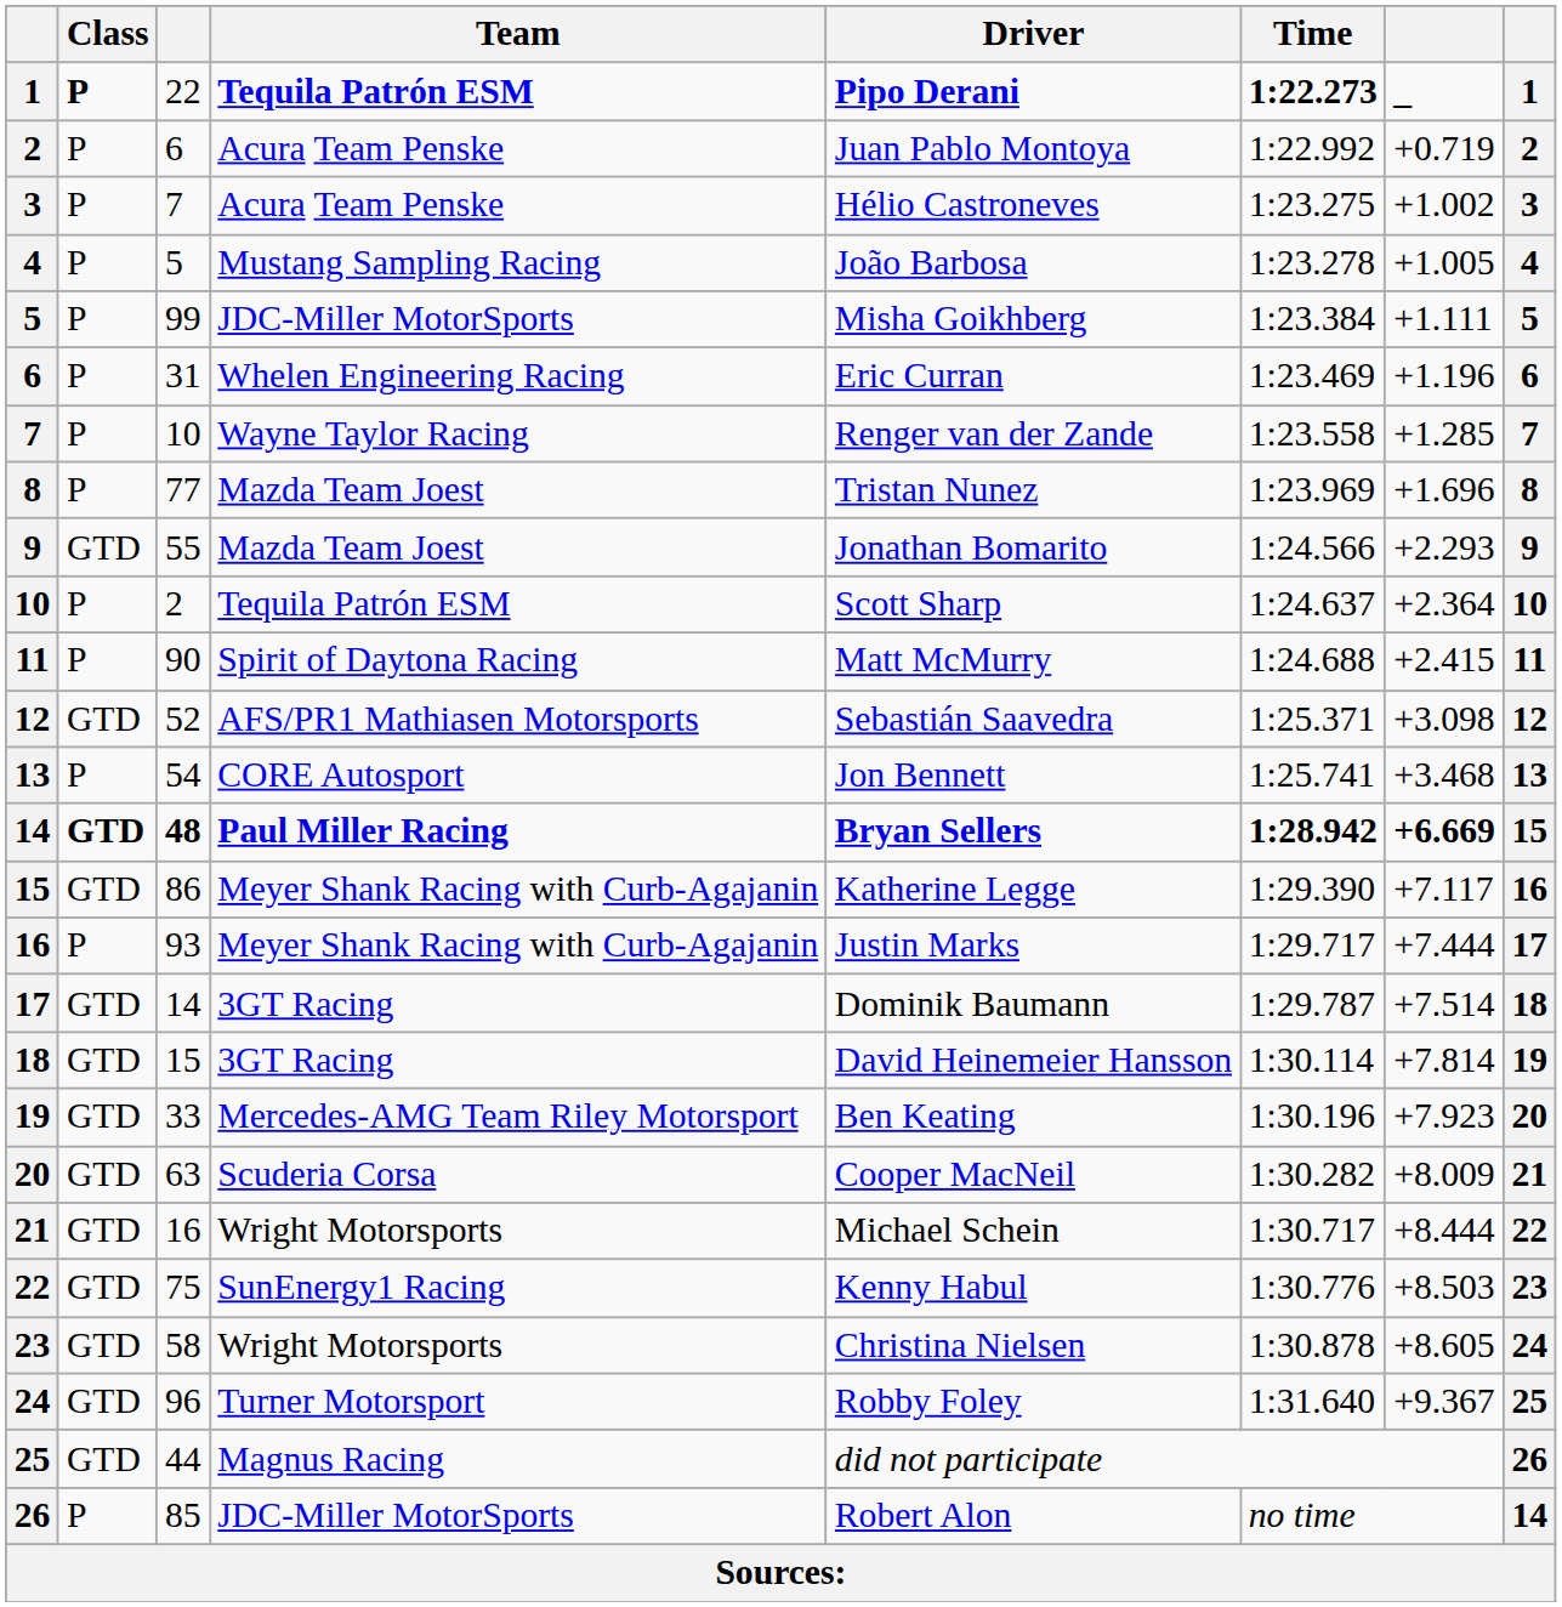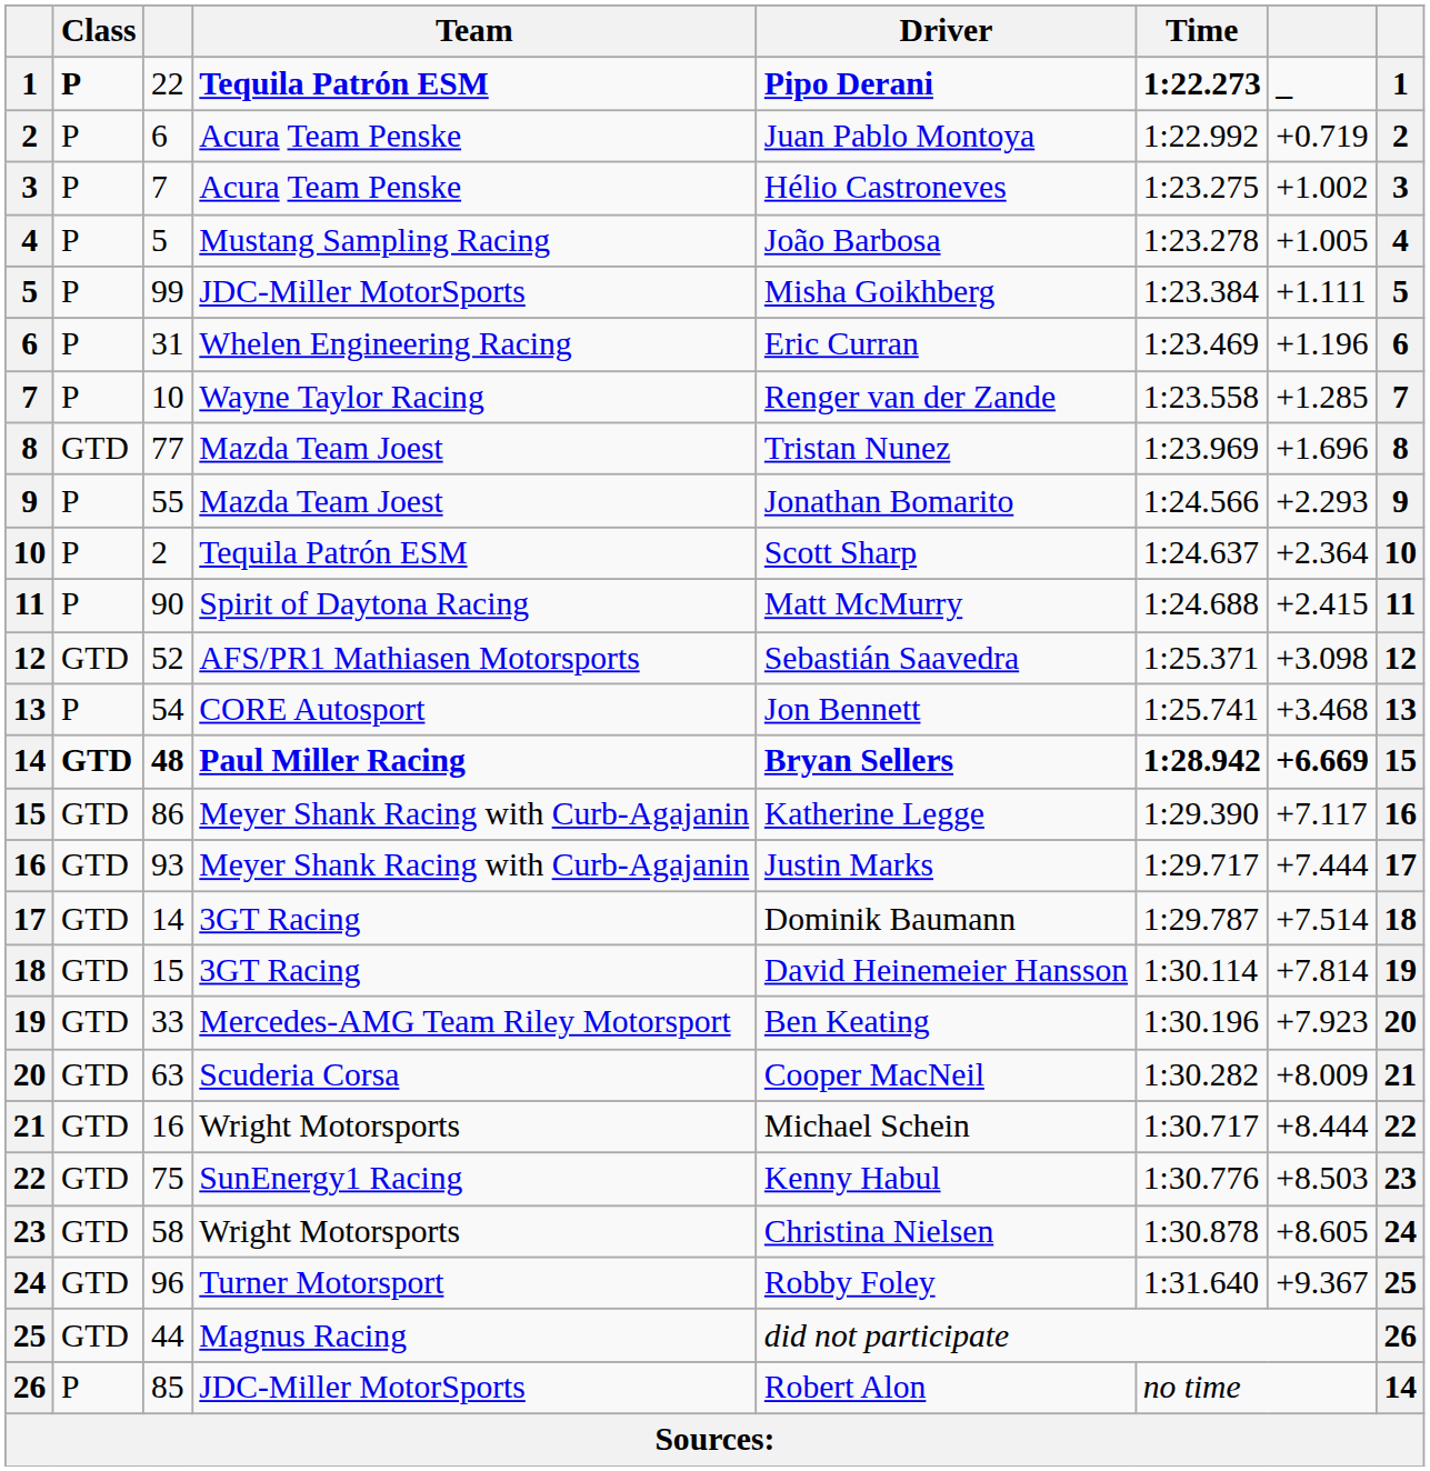 <table class="wikitable">
 <tr>
 <th scope="col"></th>
 <th scope="col">Class</th>
 <th scope="col"></th>
 <th scope="col">Team</th>
 <th scope="col">Driver</th>
 <th scope="col">Time</th>
 <th scope="col"></th>
 <th scope="col"></th>
 </tr>
 <tr>
 <th scope="row">1</th>
 <td><strong>P</strong></td>
 <td>22</td>
 <td><strong> <a href='#'>Tequila Patrón ESM</a></strong></td>
 <td><strong> <a href='#'>Pipo Derani</a></strong></td>
 <td><strong>1:22.273</strong></td>
 <td><strong>_</strong></td>
 <th><strong>1</strong></th>
 </tr>
 <tr>
 <th scope="row">2</th>
 <td>P</td>
 <td>6</td>
 <td> <a href='#'>Acura</a> <a href='#'>Team Penske</a></td>
 <td> <a href='#'>Juan Pablo Montoya</a></td>
 <td>1:22.992</td>
 <td>+0.719</td>
 <th>2</th>
 </tr>
 <tr>
 <th scope="row">3</th>
 <td>P</td>
 <td>7</td>
 <td> <a href='#'>Acura</a> <a href='#'>Team Penske</a></td>
 <td> <a href='#'>Hélio Castroneves</a></td>
 <td>1:23.275</td>
 <td>+1.002</td>
 <th>3</th>
 </tr>
 <tr>
 <th scope="row">4</th>
 <td>P</td>
 <td>5</td>
 <td> <a href='#'>Mustang Sampling Racing</a></td>
 <td> <a href='#'>João Barbosa</a></td>
 <td>1:23.278</td>
 <td>+1.005</td>
 <th>4</th>
 </tr>
 <tr>
 <th scope="row">5</th>
 <td>P</td>
 <td>99</td>
 <td> <a href='#'>JDC-Miller MotorSports</a></td>
 <td> <a href='#'>Misha Goikhberg</a></td>
 <td>1:23.384</td>
 <td>+1.111</td>
 <th>5</th>
 </tr>
 <tr>
 <th scope="row">6</th>
 <td>P</td>
 <td>31</td>
 <td> <a href='#'>Whelen Engineering Racing</a></td>
 <td> <a href='#'>Eric Curran</a></td>
 <td>1:23.469</td>
 <td>+1.196</td>
 <th>6</th>
 </tr>
 <tr>
 <th scope="row">7</th>
 <td>P</td>
 <td>10</td>
 <td> <a href='#'>Wayne Taylor Racing</a></td>
 <td> <a href='#'>Renger van der Zande</a></td>
 <td>1:23.558</td>
 <td>+1.285</td>
 <th>7</th>
 </tr>
 <tr>
 <th scope="row">8</th>
-<td>P</td>
+<td>GTD</td>
 <td>77</td>
 <td> <a href='#'>Mazda Team Joest</a></td>
 <td> <a href='#'>Tristan Nunez</a></td>
 <td>1:23.969</td>
 <td>+1.696</td>
 <th>8</th>
 </tr>
 <tr>
 <th scope="row">9</th>
-<td>GTD</td>
+<td>P</td>
 <td>55</td>
 <td> <a href='#'>Mazda Team Joest</a></td>
 <td> <a href='#'>Jonathan Bomarito</a></td>
 <td>1:24.566</td>
 <td>+2.293</td>
 <th>9</th>
 </tr>
 <tr>
 <th scope="row">10</th>
 <td>P</td>
 <td>2</td>
 <td> <a href='#'>Tequila Patrón ESM</a></td>
 <td> <a href='#'>Scott Sharp</a></td>
 <td>1:24.637</td>
 <td>+2.364</td>
 <th>10</th>
 </tr>
 <tr>
 <th scope="row">11</th>
 <td>P</td>
 <td>90</td>
 <td> <a href='#'>Spirit of Daytona Racing</a></td>
 <td> <a href='#'>Matt McMurry</a></td>
 <td>1:24.688</td>
 <td>+2.415</td>
 <th>11</th>
 </tr>
 <tr>
 <th scope="row">12</th>
 <td>GTD</td>
 <td>52</td>
 <td> <a href='#'>AFS/PR1 Mathiasen Motorsports</a></td>
 <td> <a href='#'>Sebastián Saavedra</a></td>
 <td>1:25.371</td>
 <td>+3.098</td>
 <th>12</th>
 </tr>
 <tr>
 <th scope="row">13</th>
 <td>P</td>
 <td>54</td>
 <td><strong></strong> <a href='#'>CORE Autosport</a></td>
 <td> <a href='#'>Jon Bennett</a></td>
 <td>1:25.741</td>
 <td>+3.468</td>
 <th>13</th>
 </tr>
 <tr>
 <th scope="row">14</th>
 <td><strong>GTD</strong></td>
 <td><strong>48</strong></td>
 <td><strong> <a href='#'>Paul Miller Racing</a></strong></td>
 <td><strong> <a href='#'>Bryan Sellers</a></strong></td>
 <td><strong>1:28.942</strong></td>
 <td><strong>+6.669</strong></td>
 <th>15</th>
 </tr>
 <tr>
 <th scope="row">15</th>
 <td>GTD</td>
 <td>86</td>
 <td> <a href='#'>Meyer Shank Racing</a> with <a href='#'>Curb-Agajanin</a></td>
 <td> <a href='#'>Katherine Legge</a></td>
 <td>1:29.390</td>
 <td>+7.117</td>
 <th>16</th>
 </tr>
 <tr>
 <th scope="row">16</th>
-<td>P</td>
+<td>GTD</td>
 <td>93</td>
 <td> <a href='#'>Meyer Shank Racing</a> with <a href='#'>Curb-Agajanin</a></td>
 <td> <a href='#'>Justin Marks</a></td>
 <td>1:29.717</td>
 <td>+7.444</td>
 <th>17</th>
 </tr>
 <tr>
 <th scope="row">17</th>
 <td>GTD</td>
 <td>14</td>
 <td> <a href='#'>3GT Racing</a></td>
 <td> Dominik Baumann</td>
 <td>1:29.787</td>
 <td>+7.514</td>
 <th>18</th>
 </tr>
 <tr>
 <th scope="row">18</th>
 <td>GTD</td>
 <td>15</td>
 <td> <a href='#'>3GT Racing</a></td>
 <td> <a href='#'>David Heinemeier Hansson</a></td>
 <td>1:30.114</td>
 <td>+7.814</td>
 <th>19</th>
 </tr>
 <tr>
 <th scope="row">19</th>
 <td>GTD</td>
 <td>33</td>
 <td> <a href='#'>Mercedes-AMG Team Riley Motorsport</a></td>
 <td> <a href='#'>Ben Keating</a></td>
 <td>1:30.196</td>
 <td>+7.923</td>
 <th>20</th>
 </tr>
 <tr>
 <th scope="row">20</th>
 <td>GTD</td>
 <td>63</td>
 <td> <a href='#'>Scuderia Corsa</a></td>
 <td> <a href='#'>Cooper MacNeil</a></td>
 <td>1:30.282</td>
 <td>+8.009</td>
 <th>21</th>
 </tr>
 <tr>
 <th scope="row">21</th>
 <td>GTD</td>
 <td>16</td>
 <td> Wright Motorsports</td>
 <td> Michael Schein</td>
 <td>1:30.717</td>
 <td>+8.444</td>
 <th>22</th>
 </tr>
 <tr>
 <th scope="row">22</th>
 <td>GTD</td>
 <td>75</td>
 <td> <a href='#'>SunEnergy1 Racing</a></td>
 <td> <a href='#'>Kenny Habul</a></td>
 <td>1:30.776</td>
 <td>+8.503</td>
 <th>23</th>
 </tr>
 <tr>
 <th scope="row">23</th>
 <td>GTD</td>
 <td>58</td>
 <td> Wright Motorsports</td>
 <td> <a href='#'>Christina Nielsen</a></td>
 <td>1:30.878</td>
 <td>+8.605</td>
 <th>24</th>
 </tr>
 <tr>
 <th scope="row">24</th>
 <td>GTD</td>
 <td>96</td>
 <td> <a href='#'>Turner Motorsport</a></td>
 <td> <a href='#'>Robby Foley</a></td>
 <td>1:31.640</td>
 <td>+9.367</td>
 <th>25</th>
 </tr>
 <tr>
 <th scope="row">25</th>
 <td>GTD</td>
 <td>44</td>
 <td> <a href='#'>Magnus Racing</a></td>
 <td colspan="3"><em>did not participate</em></td>
 <th>26</th>
 </tr>
 <tr>
 <th scope="row">26</th>
 <td>P</td>
 <td>85</td>
 <td> <a href='#'>JDC-Miller MotorSports</a></td>
 <td> <a href='#'>Robert Alon</a></td>
 <td colspan="2"><em>no time</em></td>
 <th>14</th>
 </tr>
 <tr>
 <th colspan="8">Sources:</th>
 </tr>
 <tr>
 </tr>
 </table>
